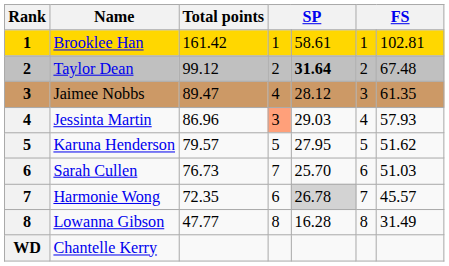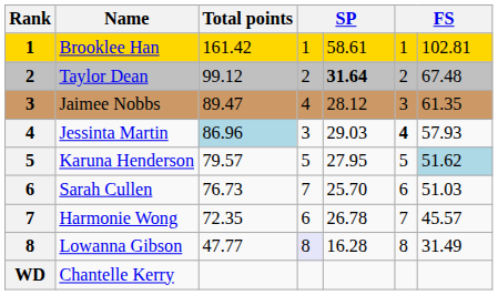 <table class="wikitable sortable">
 <tr>
 <th>Rank</th>
 <th>Name</th>
 <th>Total points</th>
 <th colspan="2" width="80px"><a href='#'>SP</a></th>
 <th colspan="2" width="80px"><a href='#'>FS</a></th>
 </tr>
 <tr bgcolor="gold">
 <td align="center"><strong>1</strong></td>
 <td><a href='#'>Brooklee Han</a></td>
 <td>161.42</td>
 <td>1</td>
 <td>58.61</td>
 <td>1</td>
 <td>102.81</td>
 </tr>
 <tr bgcolor="silver">
 <td align="center"><strong>2</strong></td>
 <td><a href='#'>Taylor Dean</a></td>
 <td>99.12</td>
 <td>2</td>
 <td><strong>31.64</strong></td>
 <td>2</td>
 <td>67.48</td>
 </tr>
 <tr bgcolor="cc9966">
 <td align="center"><strong>3</strong></td>
 <td>Jaimee Nobbs</td>
 <td>89.47</td>
 <td>4</td>
 <td>28.12</td>
 <td>3</td>
 <td>61.35</td>
 </tr>
 <tr>
 <th>4</th>
 <td><a href='#'>Jessinta Martin</a></td>
-<td>86.96</td>
-<td style="background: lightsalmon;">3</td>
+<td style="background: lightblue;">86.96</td>
+<td>3</td>
 <td>29.03</td>
-<td>4</td>
+<td><strong>4</strong></td>
 <td>57.93</td>
 </tr>
 <tr>
 <th>5</th>
 <td><a href='#'>Karuna Henderson</a></td>
 <td>79.57</td>
 <td>5</td>
 <td>27.95</td>
 <td>5</td>
-<td>51.62</td>
+<td style="background: lightblue;">51.62</td>
 </tr>
 <tr>
 <th>6</th>
 <td><a href='#'>Sarah Cullen</a></td>
 <td>76.73</td>
 <td>7</td>
 <td>25.70</td>
 <td>6</td>
 <td>51.03</td>
 </tr>
 <tr>
 <th>7</th>
 <td><a href='#'>Harmonie Wong</a></td>
 <td>72.35</td>
 <td>6</td>
-<td style="background: lightgrey;">26.78</td>
+<td>26.78</td>
 <td>7</td>
 <td>45.57</td>
 </tr>
 <tr>
 <th>8</th>
 <td><a href='#'>Lowanna Gibson</a></td>
 <td>47.77</td>
-<td>8</td>
+<td style="background: lavender;">8</td>
 <td>16.28</td>
 <td>8</td>
 <td>31.49</td>
 </tr>
 <tr>
 <th>WD</th>
 <td><a href='#'>Chantelle Kerry</a></td>
 <td></td>
 <td></td>
 <td></td>
 <td></td>
 <td></td>
 </tr>
 </table>
